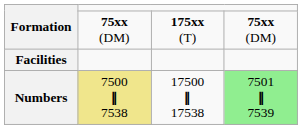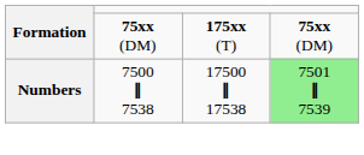 <table class="wikitable" style="text-align:center; font-size:90%;">
 <tr style="border-top:solid 4px #">
 <th style="width:5em" rowspan="2">Formation</th>
 <td colspan="3"></td>
 </tr>
 <tr>
 <td style="width:5em"><strong>75xx</strong><br>(DM)</td>
 <td style="width:5em"><strong>175xx</strong><br>(T)</td>
 <td style="width:5em"><strong>75xx</strong><br>(DM)</td>
 </tr>
-<tr>
-<th>Facilities</th>
-<td style="width:5em"></td>
-<td style="width:5em"></td>
-<td style="width:5em"></td>
-</tr>
 <tr style="border-top:solid 4px #">
 <th>Numbers</th>
-<td style="background: khaki;">7500<br><strong>∥</strong><br>7538</td>
+<td>7500<br><strong>∥</strong><br>7538</td>
 <td>17500<br><strong>∥</strong><br>17538</td>
 <td style="background: lightgreen;">7501<br><strong>∥</strong><br>7539</td>
 </tr>
 </table>
